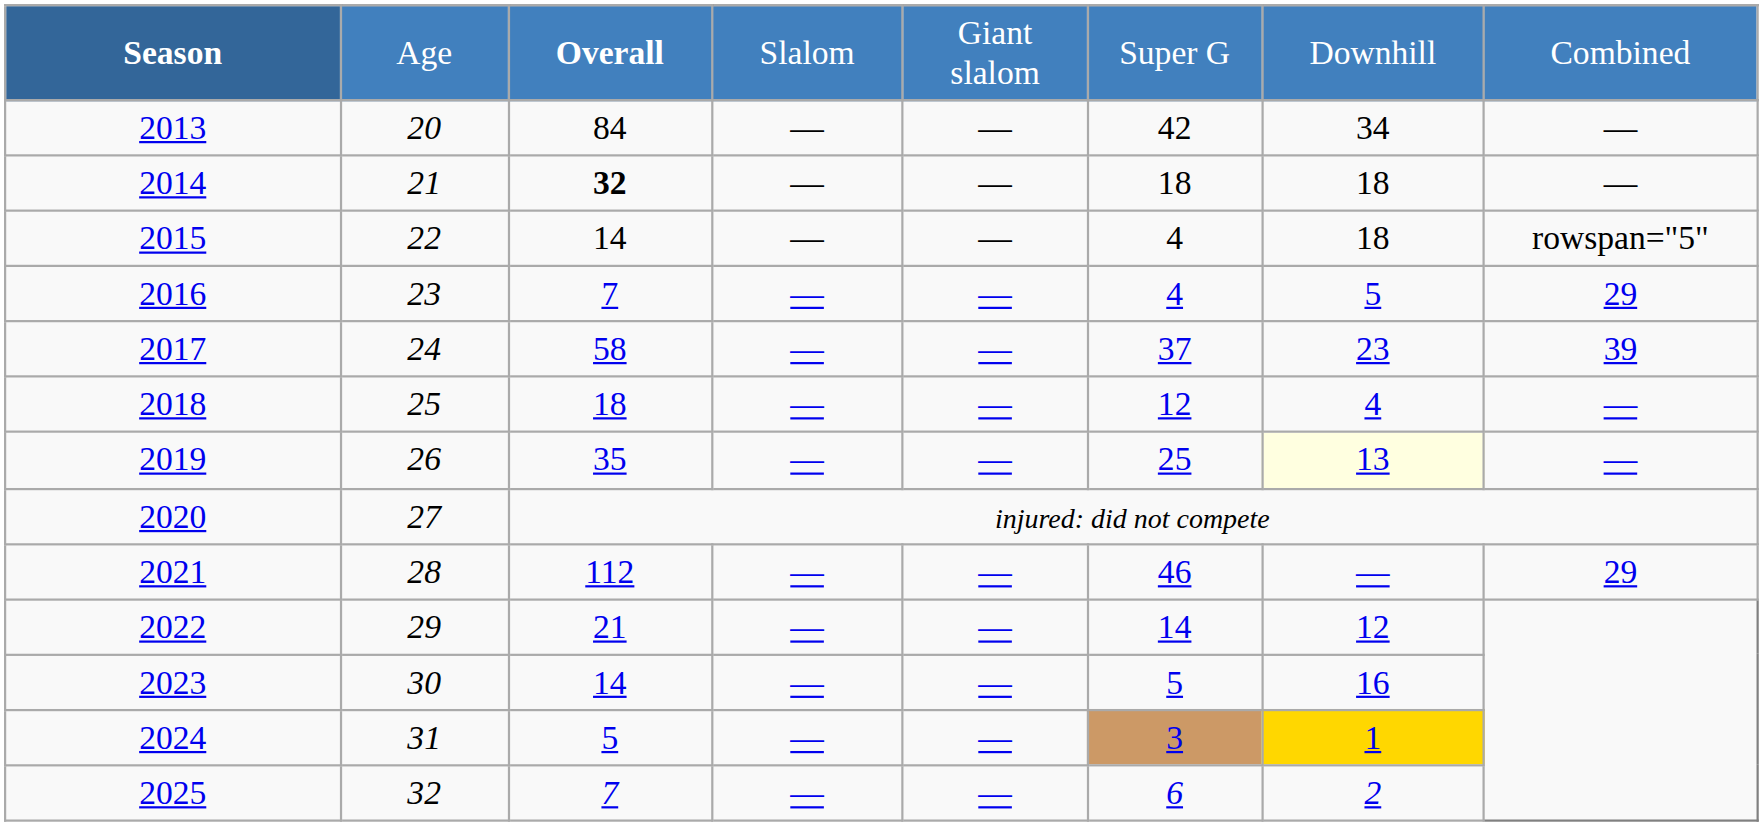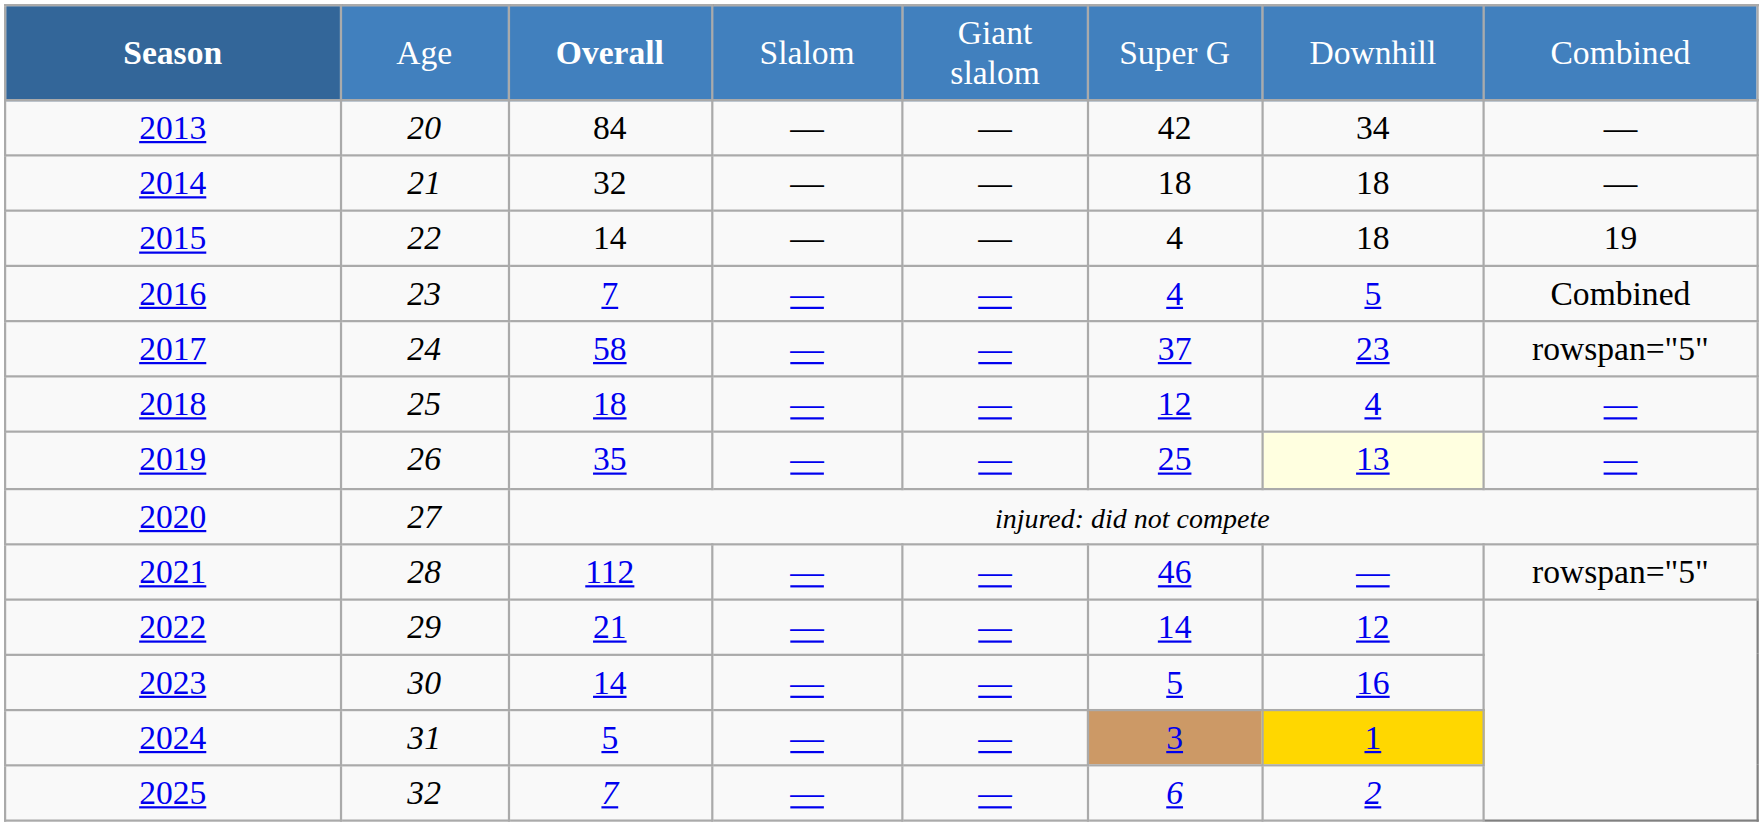 <table class="wikitable" style="font-size:95%; text-align:center; border:grey solid 1px; border-collapse:collapse;" width="40%">
 <tr style="background-color:#369; color:white;">
 <td rowspan="2" colspan="1" width="10%"><strong>Season</strong></td>
 </tr>
 <tr style="background-color:#4180be; color:white;">
 <td width="5%">Age</td>
 <td width="5%"><strong>Overall</strong></td>
 <td width="5%">Slalom</td>
 <td width="5%">Giant<br>slalom</td>
 <td width="5%">Super G</td>
 <td width="5%">Downhill</td>
 <td width="5%">Combined</td>
 </tr>
 <tr style="background-color:#8CB2D8; color:white;">
 </tr>
 <tr>
 <td><a href='#'>2013</a></td>
 <td><em>20</em></td>
 <td>84</td>
 <td>—</td>
 <td>—</td>
 <td>42</td>
 <td>34</td>
 <td>—</td>
 </tr>
 <tr>
 <td><a href='#'>2014</a></td>
 <td><em>21</em></td>
-<td><strong>32</strong></td>
+<td>32</td>
 <td>—</td>
 <td>—</td>
 <td>18</td>
 <td>18</td>
 <td>—</td>
 </tr>
 <tr>
 <td><a href='#'>2015</a></td>
 <td><em>22</em></td>
 <td>14</td>
 <td>—</td>
 <td>—</td>
 <td>4</td>
 <td>18</td>
-<td>rowspan="5" </td>
+<td>19</td>
 </tr>
 <tr>
 <td><a href='#'>2016</a></td>
 <td><em>23</em></td>
 <td><a href='#'>7</a></td>
 <td><a href='#'>—</a></td>
 <td><a href='#'>—</a></td>
 <td><a href='#'>4</a></td>
 <td><a href='#'>5</a></td>
-<td><a href='#'>29</a></td>
+<td width="5%">Combined</td>
 </tr>
 <tr>
 <td><a href='#'>2017</a></td>
 <td><em>24</em></td>
 <td><a href='#'>58</a></td>
 <td><a href='#'>—</a></td>
 <td><a href='#'>—</a></td>
 <td><a href='#'>37</a></td>
 <td><a href='#'>23</a></td>
-<td><a href='#'>39</a></td>
+<td>rowspan="5" </td>
 </tr>
 <tr>
 <td><a href='#'>2018</a></td>
 <td><em>25</em></td>
 <td><a href='#'>18</a></td>
 <td><a href='#'>—</a></td>
 <td><a href='#'>—</a></td>
 <td><a href='#'>12</a></td>
 <td><a href='#'>4</a></td>
 <td><a href='#'>—</a></td>
 </tr>
 <tr>
 <td><a href='#'>2019</a></td>
 <td><em>26</em></td>
 <td><a href='#'>35</a></td>
 <td><a href='#'>—</a></td>
 <td><a href='#'>—</a></td>
 <td><a href='#'>25</a></td>
 <td style="background: lightyellow;"><a href='#'>13</a></td>
 <td><a href='#'>—</a></td>
 </tr>
 <tr>
 <td><a href='#'>2020</a></td>
 <td><em>27</em></td>
 <td colspan=6><em><small>injured: did not compete</small></em></td>
 </tr>
 <tr>
 <td><a href='#'>2021</a></td>
 <td><em>28</em></td>
 <td><a href='#'>112</a></td>
 <td><a href='#'>—</a></td>
 <td><a href='#'>—</a></td>
 <td><a href='#'>46</a></td>
 <td><a href='#'>—</a></td>
-<td><a href='#'>29</a></td>
+<td>rowspan="5" </td>
 </tr>
 <tr>
 <td><a href='#'>2022</a></td>
 <td><em>29</em></td>
 <td><a href='#'>21</a></td>
 <td><a href='#'>—</a></td>
 <td><a href='#'>—</a></td>
 <td><a href='#'>14</a></td>
 <td><a href='#'>12</a></td>
 </tr>
 <tr>
 <td><a href='#'>2023</a></td>
 <td><em>30</em></td>
 <td><a href='#'>14</a></td>
 <td><a href='#'>—</a></td>
 <td><a href='#'>—</a></td>
 <td><a href='#'>5</a></td>
 <td><a href='#'>16</a></td>
 </tr>
 <tr>
 <td><a href='#'>2024</a></td>
 <td><em>31</em></td>
 <td><a href='#'>5</a></td>
 <td><a href='#'>—</a></td>
 <td><a href='#'>—</a></td>
 <td style="background:#c96;"><a href='#'>3</a></td>
 <td style="background:gold;"><a href='#'>1</a></td>
 </tr>
 <tr>
 <td><a href='#'>2025</a></td>
 <td><em>32</em></td>
 <td><a href='#'><em>7</em></a></td>
 <td><a href='#'>—</a></td>
 <td><a href='#'>—</a></td>
 <td><a href='#'><em>6</em></a></td>
 <td><a href='#'><em>2</em></a></td>
 </tr>
 </table>
